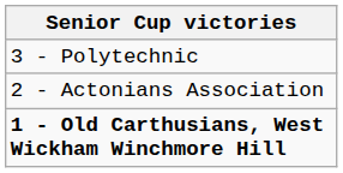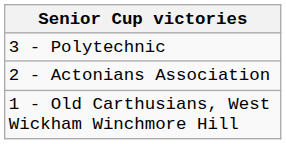 <table class="wikitable" style="text-align: left">
 <tr>
 <th width=200>Senior Cup victories</th>
 </tr>
 <tr>
 <td>3 - Polytechnic</td>
 </tr>
 <tr>
 <td>2 - Actonians Association</td>
 </tr>
 <tr>
-<td><strong>1 - Old Carthusians, West Wickham Winchmore Hill</strong></td>
+<td>1 - Old Carthusians, West Wickham Winchmore Hill</td>
 </tr>
 </table>
